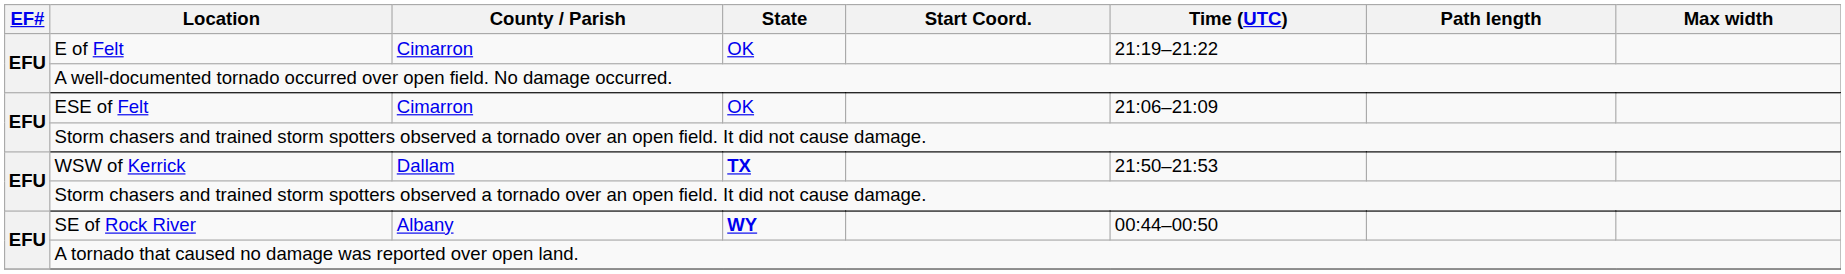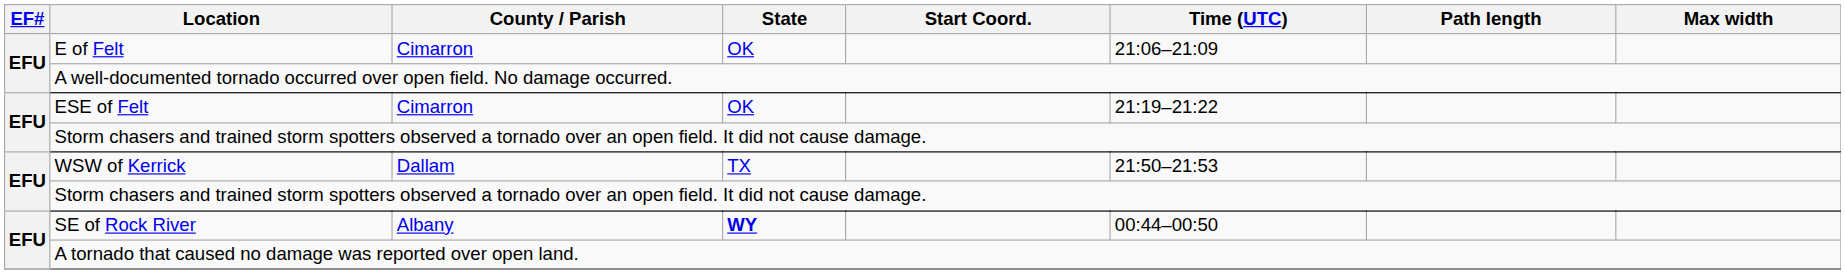 <table class="wikitable sortable" style="width:100%;">
 <tr>
 <th scope="col" width="2%" align="center"><a href='#'>EF#</a></th>
 <th scope="col" align="center" class="unsortable">Location</th>
 <th scope="col" align="center" class="unsortable">County / Parish</th>
 <th scope="col" align="center">State</th>
 <th scope="col" align="center">Start Coord.</th>
 <th scope="col" align="center">Time (<a href='#'>UTC</a>)</th>
 <th scope="col" align="center">Path length</th>
 <th scope="col" align="center">Max width</th>
 </tr>
 <tr>
 <th scope="row" rowspan="2" style="background-color:#">EFU</th>
 <td>E of <a href='#'>Felt</a></td>
 <td><a href='#'>Cimarron</a></td>
 <td><a href='#'>OK</a></td>
 <td></td>
-<td>21:19–21:22</td>
+<td>21:06–21:09</td>
 <td></td>
 <td></td>
 </tr>
 <tr class="expand-child">
 <td colspan="8" style=" border-bottom: 1px solid black;">A well-documented tornado occurred over open field. No damage occurred.</td>
 </tr>
 <tr>
 <th scope="row" rowspan="2" style="background-color:#">EFU</th>
 <td>ESE of <a href='#'>Felt</a></td>
 <td><a href='#'>Cimarron</a></td>
 <td><a href='#'>OK</a></td>
 <td></td>
-<td>21:06–21:09</td>
+<td>21:19–21:22</td>
 <td></td>
 <td></td>
 </tr>
 <tr class="expand-child">
 <td colspan="8" style=" border-bottom: 1px solid black;">Storm chasers and trained storm spotters observed a tornado over an open field. It did not cause damage.</td>
 </tr>
 <tr>
 <th scope="row" rowspan="2" style="background-color:#">EFU</th>
 <td>WSW of <a href='#'>Kerrick</a></td>
 <td><a href='#'>Dallam</a></td>
-<td><strong><a href='#'>TX</a></strong></td>
+<td><a href='#'>TX</a></td>
 <td></td>
 <td>21:50–21:53</td>
 <td></td>
 <td></td>
 </tr>
 <tr class="expand-child">
 <td colspan="8" style=" border-bottom: 1px solid black;">Storm chasers and trained storm spotters observed a tornado over an open field. It did not cause damage.</td>
 </tr>
 <tr>
 <th scope="row" rowspan="2" style="background-color:#">EFU</th>
 <td>SE of <a href='#'>Rock River</a></td>
 <td><a href='#'>Albany</a></td>
 <td><strong><a href='#'>WY</a></strong></td>
 <td></td>
 <td>00:44–00:50</td>
 <td></td>
 <td></td>
 </tr>
 <tr class="expand-child">
 <td colspan="8" style=" border-bottom: 1px solid black;">A tornado that caused no damage was reported over open land.</td>
 </tr>
 <tr>
 </tr>
 </table>
